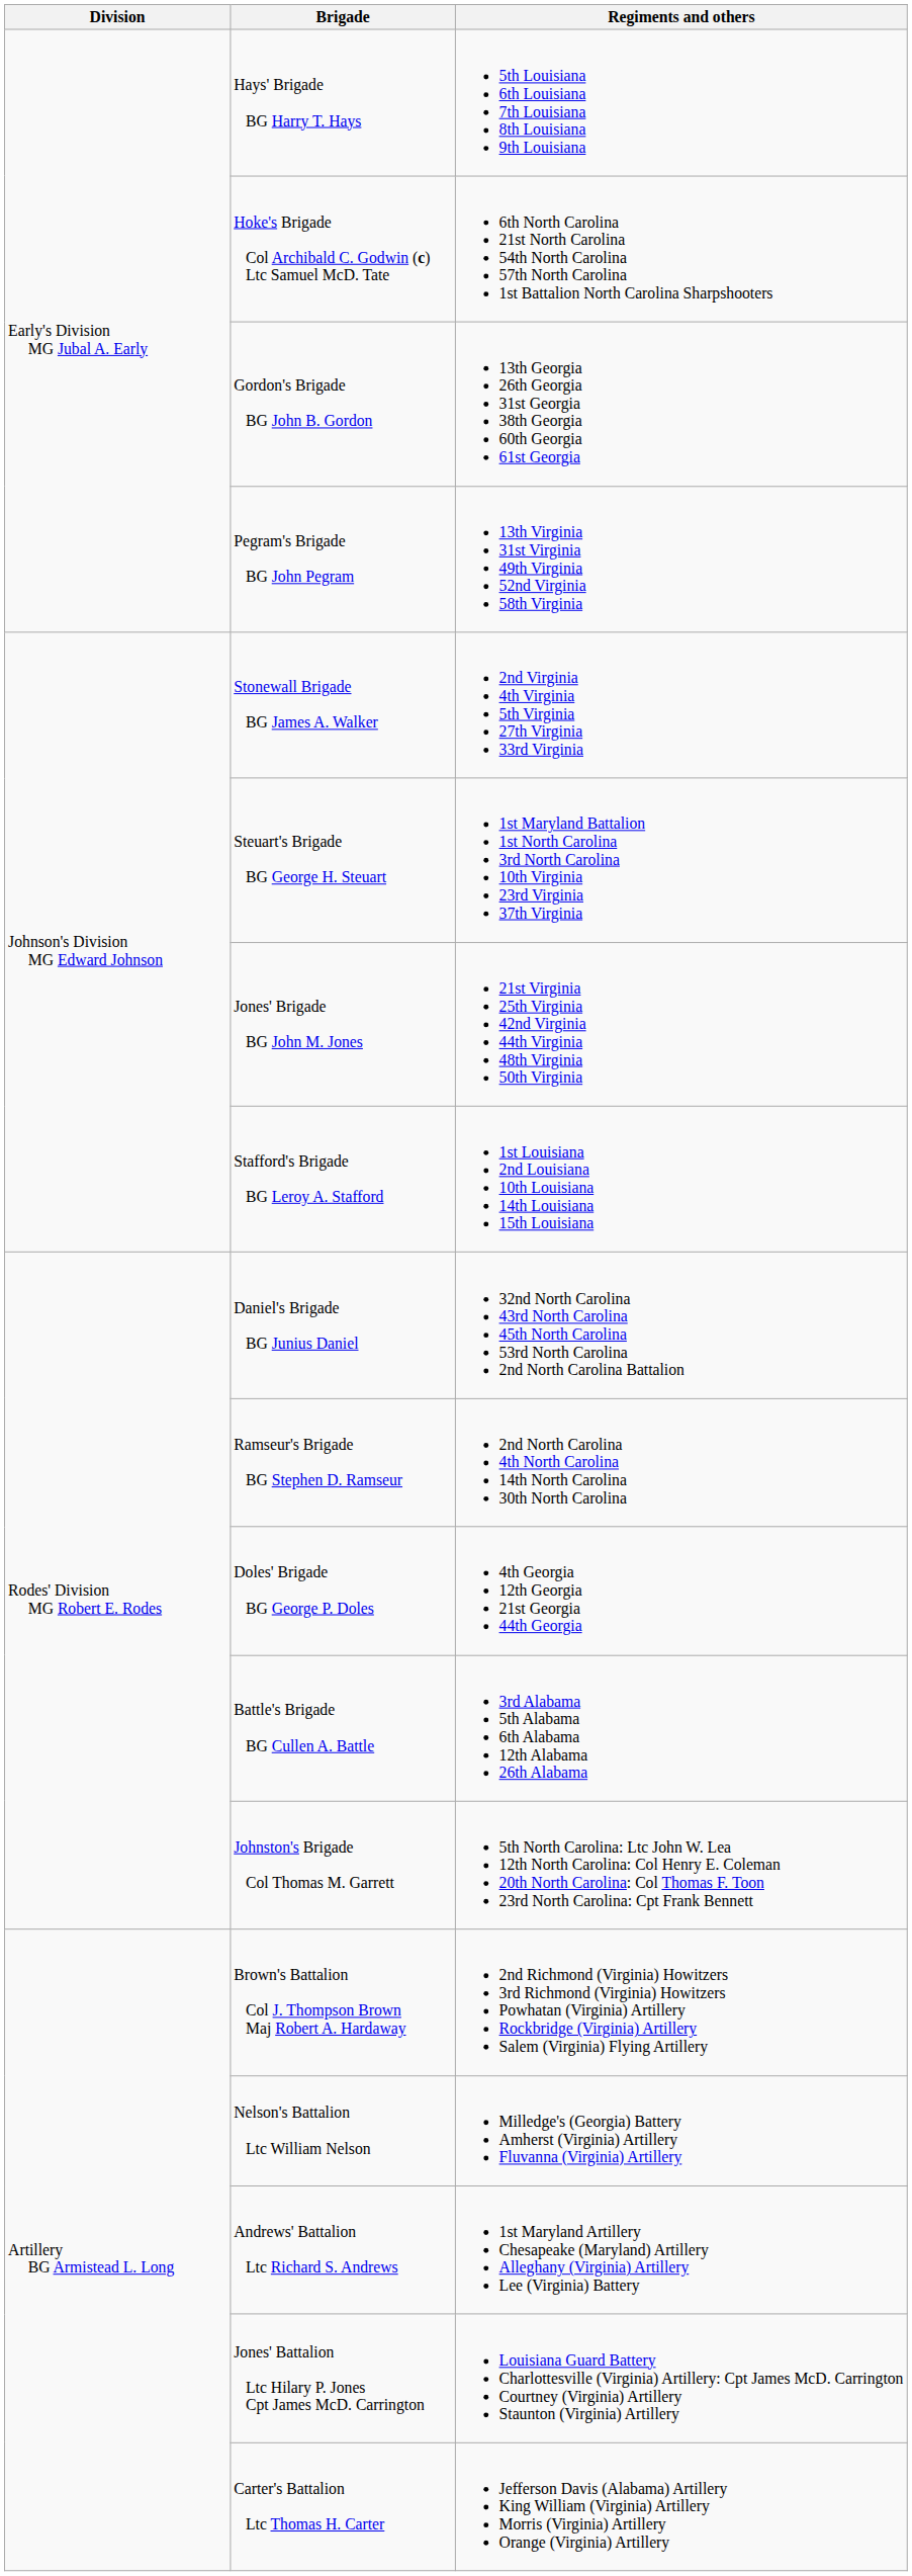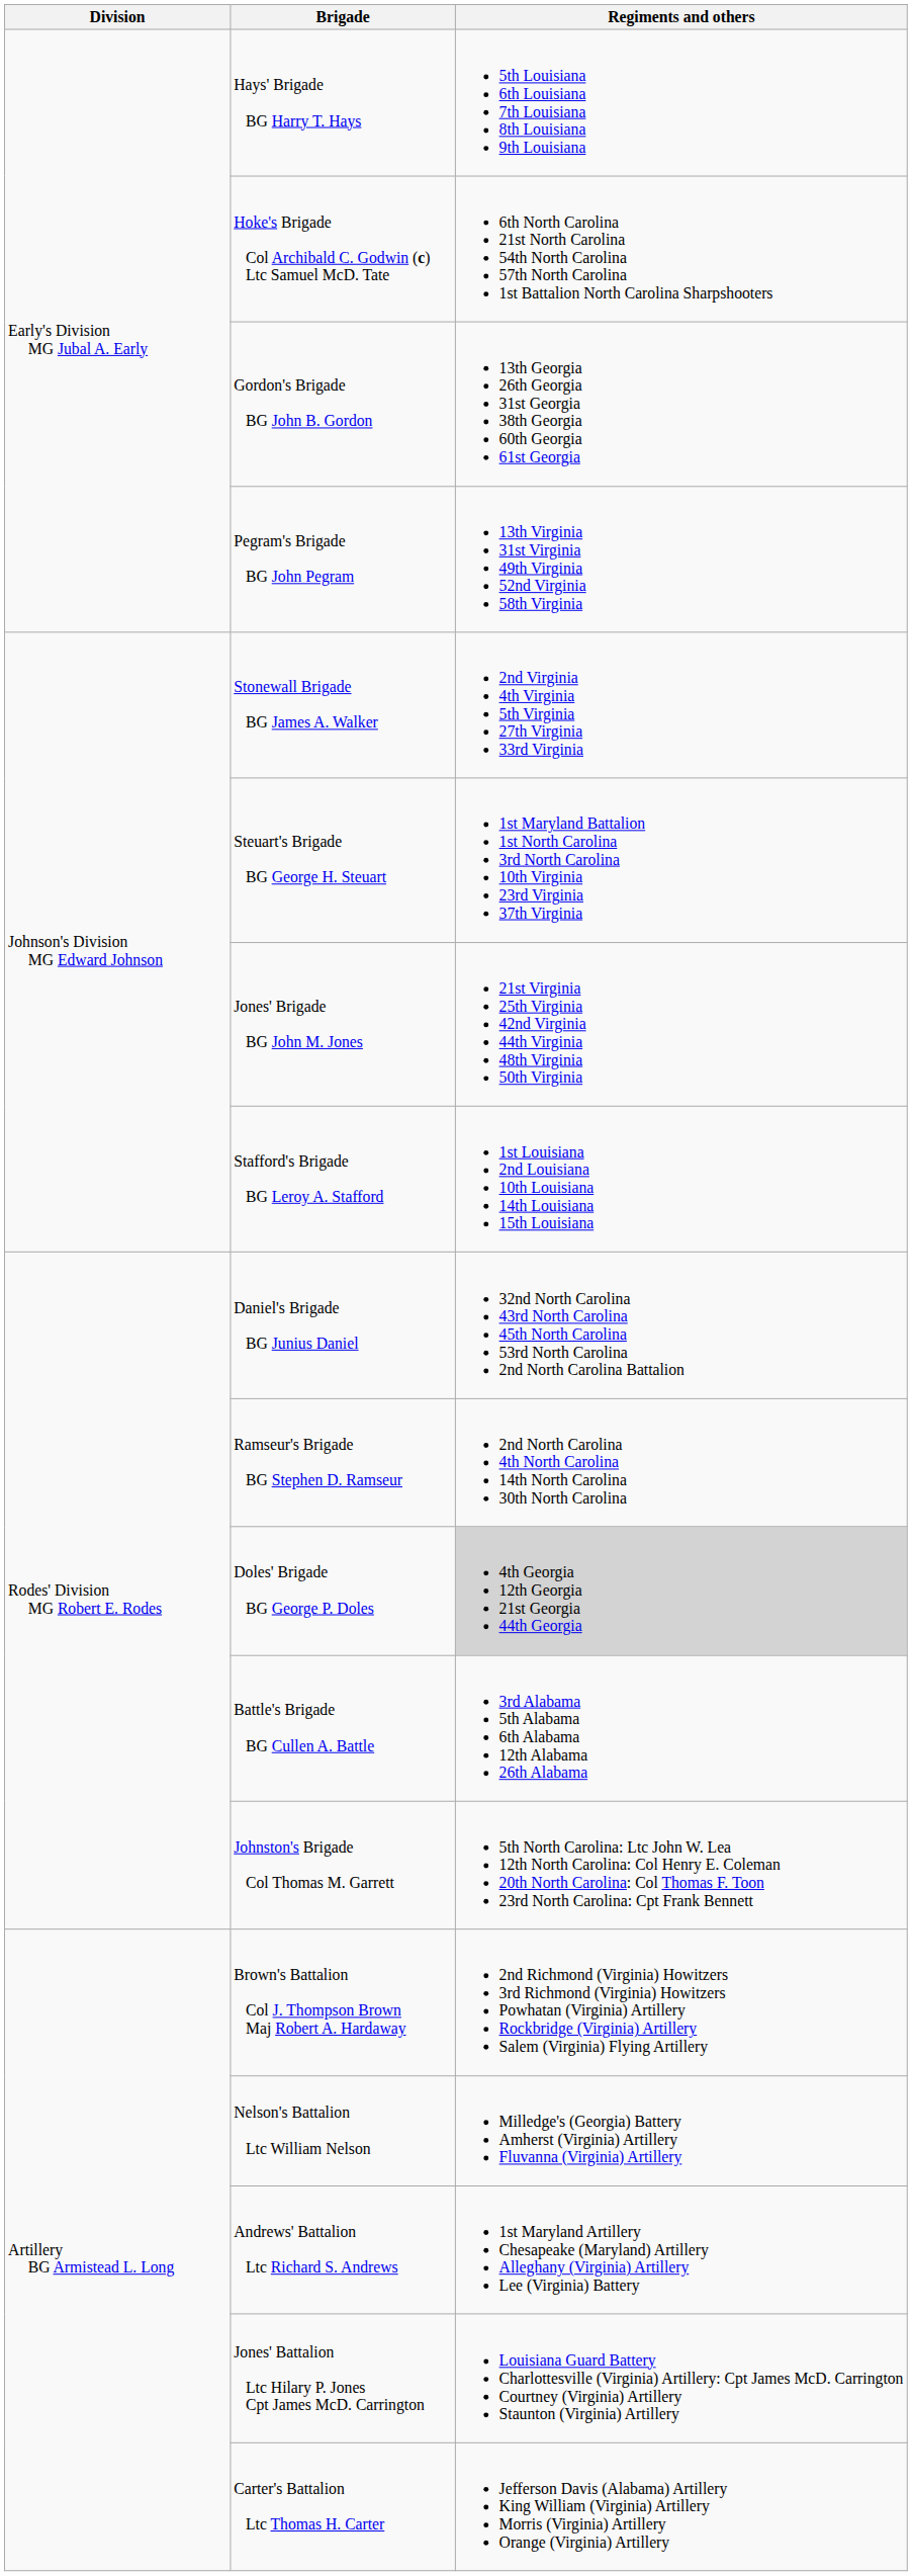 <table class="wikitable">
 <tr>
 <th width=25%>Division</th>
 <th width=25%>Brigade</th>
 <th>Regiments and others</th>
 </tr>
 <tr>
 <td rowspan=4><br>Early's Division <br>     MG <a href='#'>Jubal A. Early</a></td>
 <td>Hays' Brigade<br><br>   BG <a href='#'>Harry T. Hays</a></td>
 <td><br><ul><li><a href='#'>5th Louisiana</a></li><li><a href='#'>6th Louisiana</a></li><li><a href='#'>7th Louisiana</a></li><li><a href='#'>8th Louisiana</a></li><li><a href='#'>9th Louisiana</a></li></ul></td>
 </tr>
 <tr>
 <td><a href='#'>Hoke's</a> Brigade<br><br>   Col <a href='#'>Archibald C. Godwin</a> (<strong>c</strong>) <br>   Ltc Samuel McD. Tate</td>
 <td><br><ul><li>6th North Carolina</li><li>21st North Carolina</li><li>54th North Carolina</li><li>57th North Carolina</li><li>1st Battalion North Carolina Sharpshooters</li></ul></td>
 </tr>
 <tr>
 <td>Gordon's Brigade<br><br>   BG <a href='#'>John B. Gordon</a></td>
 <td><br><ul><li>13th Georgia</li><li>26th Georgia</li><li>31st Georgia</li><li>38th Georgia</li><li>60th Georgia</li><li><a href='#'>61st Georgia</a></li></ul></td>
 </tr>
 <tr>
 <td>Pegram's Brigade<br><br>   BG <a href='#'>John Pegram</a></td>
 <td><br><ul><li><a href='#'>13th Virginia</a></li><li><a href='#'>31st Virginia</a></li><li><a href='#'>49th Virginia</a></li><li><a href='#'>52nd Virginia</a></li><li><a href='#'>58th Virginia</a></li></ul></td>
 </tr>
 <tr>
 <td rowspan=4><br>Johnson's Division <br>     MG <a href='#'>Edward Johnson</a></td>
 <td><a href='#'>Stonewall Brigade</a><br><br>   BG <a href='#'>James A. Walker</a></td>
 <td><br><ul><li><a href='#'>2nd Virginia</a></li><li><a href='#'>4th Virginia</a></li><li><a href='#'>5th Virginia</a></li><li><a href='#'>27th Virginia</a></li><li><a href='#'>33rd Virginia</a></li></ul></td>
 </tr>
 <tr>
 <td>Steuart's Brigade<br><br>   BG <a href='#'>George H. Steuart</a></td>
 <td><br><ul><li><a href='#'>1st Maryland Battalion</a></li><li><a href='#'>1st North Carolina</a></li><li><a href='#'>3rd North Carolina</a></li><li><a href='#'>10th Virginia</a></li><li><a href='#'>23rd Virginia</a></li><li><a href='#'>37th Virginia</a></li></ul></td>
 </tr>
 <tr>
 <td>Jones' Brigade<br><br>   BG <a href='#'>John M. Jones</a></td>
 <td><br><ul><li><a href='#'>21st Virginia</a></li><li><a href='#'>25th Virginia</a></li><li><a href='#'>42nd Virginia</a></li><li><a href='#'>44th Virginia</a></li><li><a href='#'>48th Virginia</a></li><li><a href='#'>50th Virginia</a></li></ul></td>
 </tr>
 <tr>
 <td>Stafford's Brigade<br><br>   BG <a href='#'>Leroy A. Stafford</a></td>
 <td><br><ul><li><a href='#'>1st Louisiana</a></li><li><a href='#'>2nd Louisiana</a></li><li><a href='#'>10th Louisiana</a></li><li><a href='#'>14th Louisiana</a></li><li><a href='#'>15th Louisiana</a></li></ul></td>
 </tr>
 <tr>
 <td rowspan=5><br>Rodes' Division <br>     MG <a href='#'>Robert E. Rodes</a></td>
 <td>Daniel's Brigade<br><br>   BG <a href='#'>Junius Daniel</a></td>
 <td><br><ul><li>32nd North Carolina</li><li><a href='#'>43rd North Carolina</a></li><li><a href='#'>45th North Carolina</a></li><li>53rd North Carolina</li><li>2nd North Carolina Battalion</li></ul></td>
 </tr>
 <tr>
 <td>Ramseur's Brigade<br><br>   BG <a href='#'>Stephen D. Ramseur</a></td>
 <td><br><ul><li>2nd North Carolina</li><li><a href='#'>4th North Carolina</a></li><li>14th North Carolina</li><li>30th North Carolina</li></ul></td>
 </tr>
 <tr>
 <td>Doles' Brigade<br><br>   BG <a href='#'>George P. Doles</a></td>
-<td><br><ul><li>4th Georgia</li><li>12th Georgia</li><li>21st Georgia</li><li><a href='#'>44th Georgia</a></li></ul></td>
+<td style="background: lightgrey;"><br><ul><li>4th Georgia</li><li>12th Georgia</li><li>21st Georgia</li><li><a href='#'>44th Georgia</a></li></ul></td>
 </tr>
 <tr>
 <td>Battle's Brigade<br><br>   BG <a href='#'>Cullen A. Battle</a></td>
 <td><br><ul><li><a href='#'>3rd Alabama</a></li><li>5th Alabama</li><li>6th Alabama</li><li>12th Alabama</li><li><a href='#'>26th Alabama</a></li></ul></td>
 </tr>
 <tr>
 <td><a href='#'>Johnston's</a> Brigade<br><br>   Col Thomas M. Garrett</td>
 <td><br><ul><li>5th North Carolina: Ltc John W. Lea</li><li>12th North Carolina: Col Henry E. Coleman</li><li><a href='#'>20th North Carolina</a>: Col <a href='#'>Thomas F. Toon</a></li><li>23rd North Carolina: Cpt Frank Bennett</li></ul></td>
 </tr>
 <tr>
 <td rowspan=5><br>Artillery <br>     BG <a href='#'>Armistead L. Long</a></td>
 <td>Brown's Battalion<br><br>   Col <a href='#'>J. Thompson Brown</a> <br>   Maj <a href='#'>Robert A. Hardaway</a></td>
 <td><br><ul><li>2nd Richmond (Virginia) Howitzers</li><li>3rd Richmond (Virginia) Howitzers</li><li>Powhatan (Virginia) Artillery</li><li><a href='#'>Rockbridge (Virginia) Artillery</a></li><li>Salem (Virginia) Flying Artillery</li></ul></td>
 </tr>
 <tr>
 <td>Nelson's Battalion<br><br>   Ltc William Nelson</td>
 <td><br><ul><li>Milledge's (Georgia) Battery</li><li>Amherst (Virginia) Artillery</li><li><a href='#'>Fluvanna (Virginia) Artillery</a></li></ul></td>
 </tr>
 <tr>
 <td>Andrews' Battalion<br><br>   Ltc <a href='#'>Richard S. Andrews</a></td>
 <td><br><ul><li>1st Maryland Artillery</li><li>Chesapeake (Maryland) Artillery</li><li><a href='#'>Alleghany (Virginia) Artillery</a></li><li>Lee (Virginia) Battery</li></ul></td>
 </tr>
 <tr>
 <td>Jones' Battalion<br><br>   Ltc Hilary P. Jones <br>   Cpt James McD. Carrington</td>
 <td><br><ul><li><a href='#'>Louisiana Guard Battery</a></li><li>Charlottesville (Virginia) Artillery: Cpt James McD. Carrington</li><li>Courtney (Virginia) Artillery</li><li>Staunton (Virginia) Artillery</li></ul></td>
 </tr>
 <tr>
 <td>Carter's Battalion<br><br>   Ltc <a href='#'>Thomas H. Carter</a></td>
 <td><br><ul><li>Jefferson Davis (Alabama) Artillery</li><li>King William (Virginia) Artillery</li><li>Morris (Virginia) Artillery</li><li>Orange (Virginia) Artillery</li></ul></td>
 </tr>
 </table>
